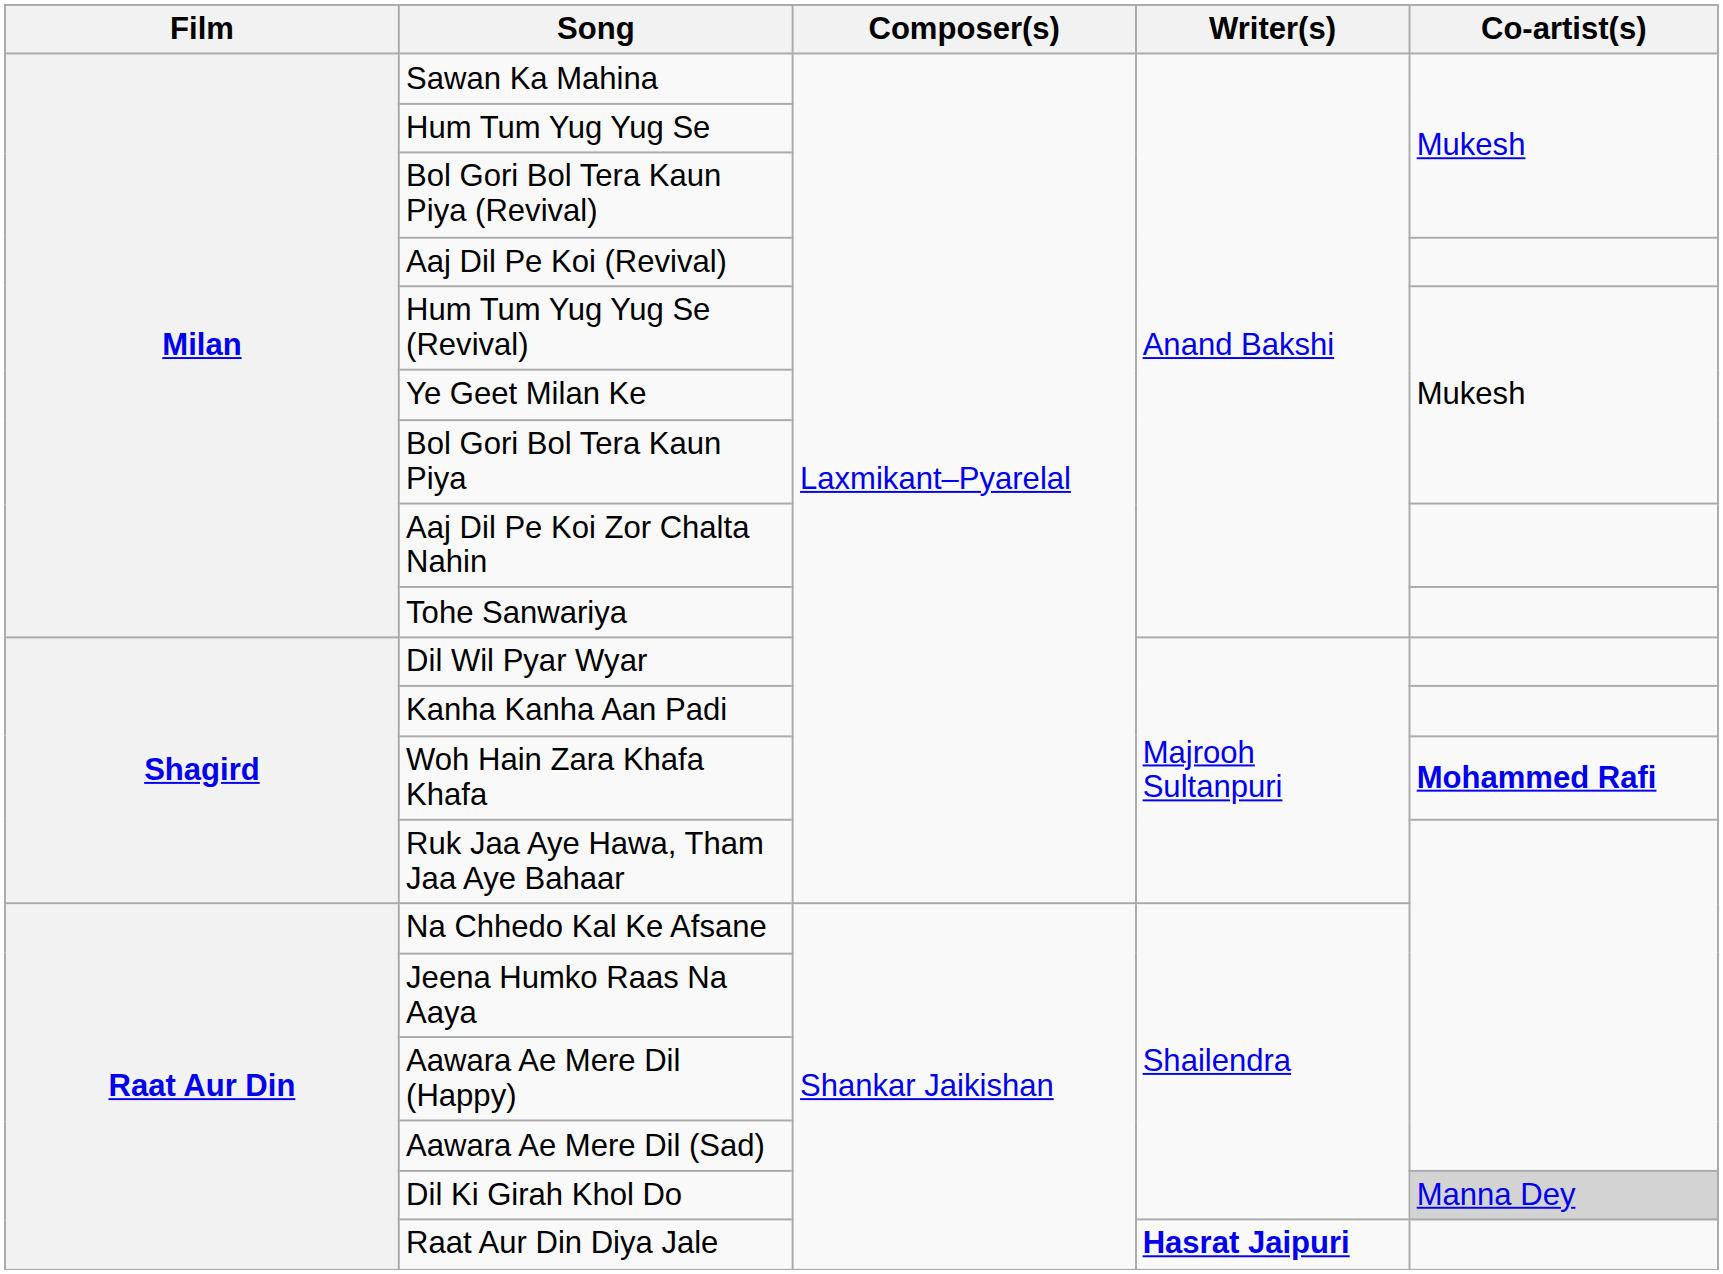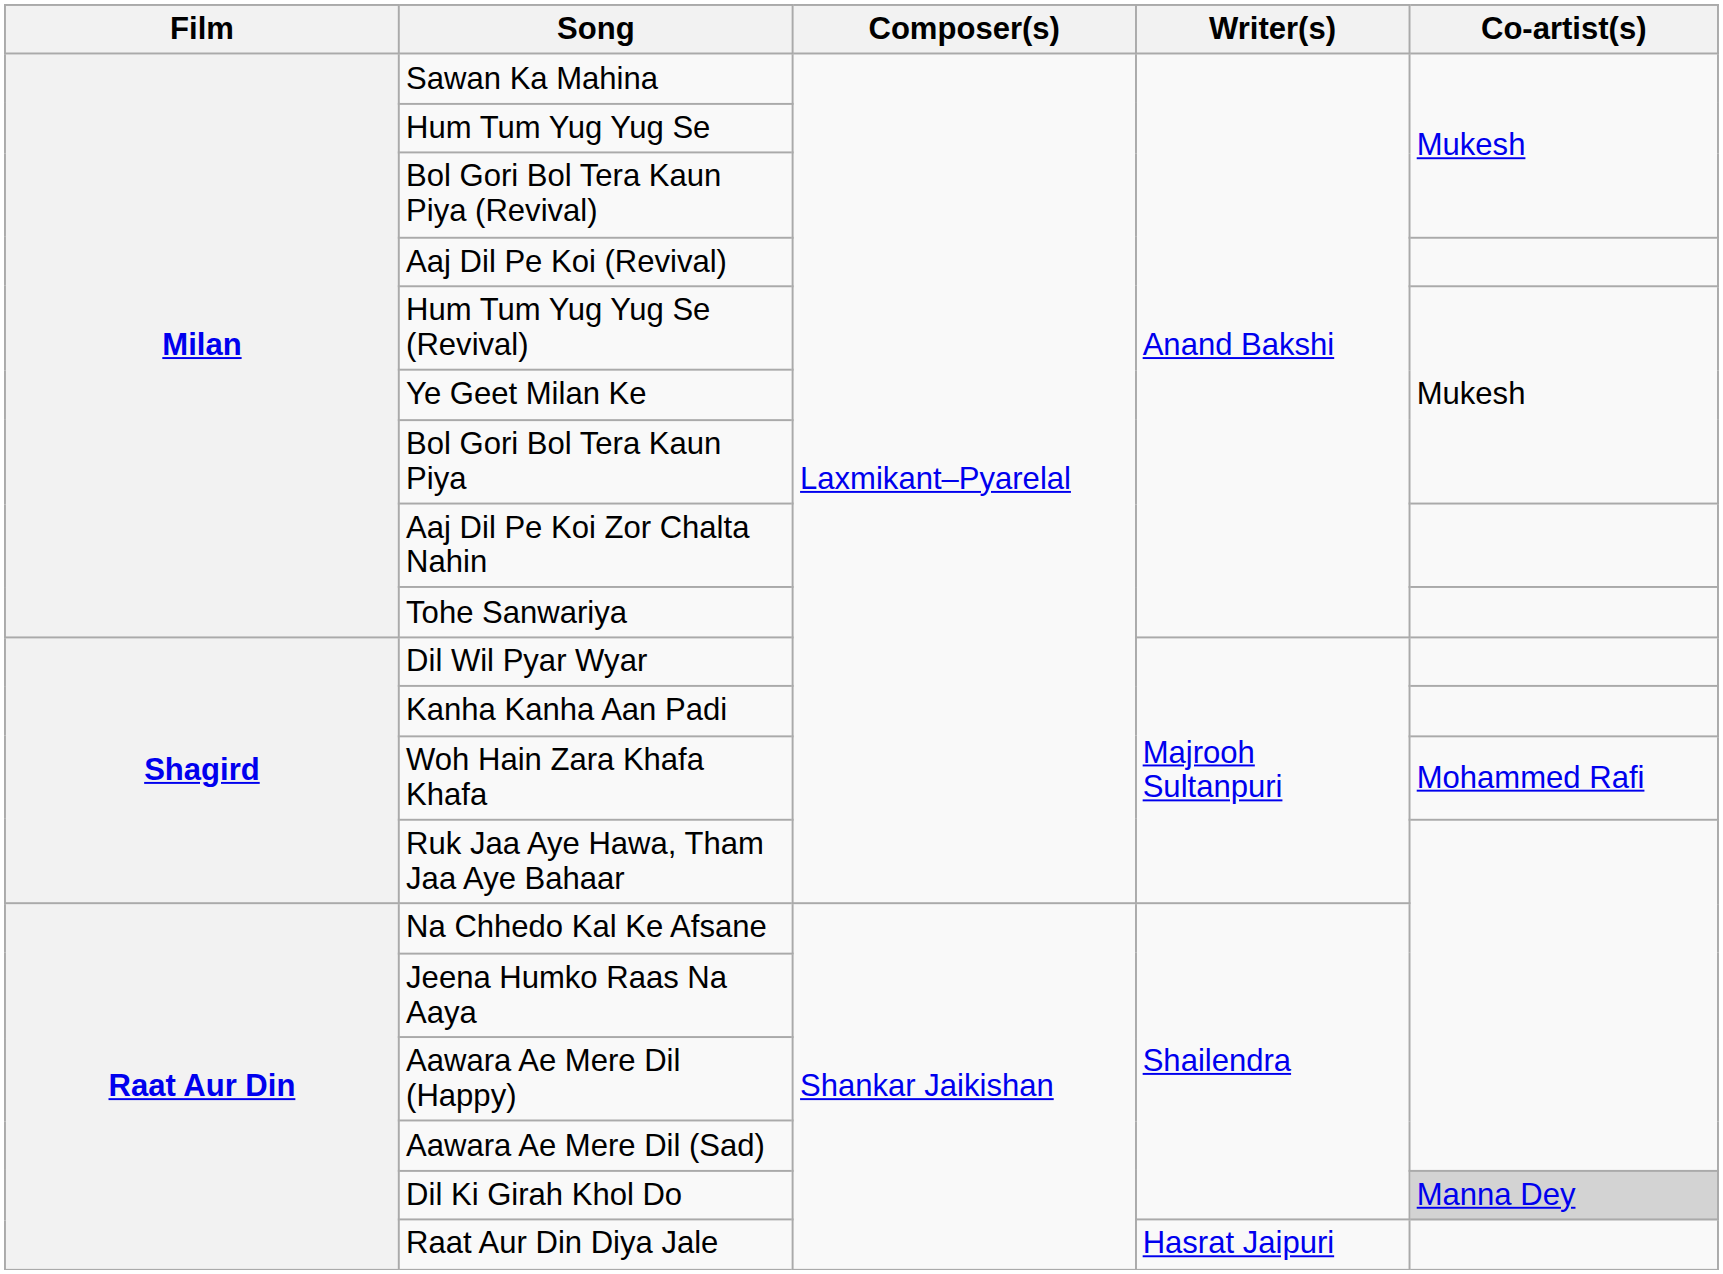 <table class="wikitable plainrowheaders" style="width:100%; textcolor:#000">
 <tr style="background:#b0e0e66;">
 <th scope="col" style="width:23%;"><strong>Film</strong></th>
 <th scope="col" style="width:23%;"><strong>Song</strong></th>
 <th scope="col" style="width:20%;"><strong>Composer(s)</strong></th>
 <th scope="col" style="width:16%;"><strong>Writer(s)</strong></th>
 <th scope="col" style="width:18%;"><strong>Co-artist(s)</strong></th>
 </tr>
 <tr>
 <th rowspan="9"><a href='#'>Milan</a></th>
 <td>Sawan Ka Mahina</td>
 <td rowspan="13"><a href='#'>Laxmikant–Pyarelal</a></td>
 <td rowspan="9"><a href='#'>Anand Bakshi</a></td>
 <td rowspan=3><a href='#'>Mukesh</a></td>
 </tr>
 <tr>
 <td>Hum Tum Yug Yug Se</td>
 </tr>
 <tr>
 <td>Bol Gori Bol Tera Kaun Piya (Revival)</td>
 </tr>
 <tr>
 <td>Aaj Dil Pe Koi (Revival)</td>
 <td></td>
 </tr>
 <tr>
 <td>Hum Tum Yug Yug Se (Revival)</td>
 <td rowspan=3>Mukesh</td>
 </tr>
 <tr>
 <td>Ye Geet Milan Ke</td>
 </tr>
 <tr>
 <td>Bol Gori Bol Tera Kaun Piya</td>
 </tr>
 <tr>
 <td>Aaj Dil Pe Koi Zor Chalta Nahin</td>
 <td></td>
 </tr>
 <tr>
 <td>Tohe Sanwariya</td>
 <td></td>
 </tr>
 <tr>
 <th rowspan="4"><a href='#'>Shagird</a></th>
 <td>Dil Wil Pyar Wyar</td>
 <td rowspan="4"><a href='#'>Majrooh Sultanpuri</a></td>
 <td></td>
 </tr>
 <tr>
 <td>Kanha Kanha Aan Padi</td>
 <td></td>
 </tr>
 <tr>
 <td>Woh Hain Zara Khafa Khafa</td>
-<td><strong><a href='#'>Mohammed Rafi</a></strong></td>
+<td><a href='#'>Mohammed Rafi</a></td>
 </tr>
 <tr>
 <td>Ruk Jaa Aye Hawa, Tham Jaa Aye Bahaar</td>
 <td rowspan=5></td>
 </tr>
 <tr>
 <th rowspan="6"><a href='#'>Raat Aur Din</a></th>
 <td>Na Chhedo Kal Ke Afsane</td>
 <td rowspan="6"><a href='#'>Shankar Jaikishan</a></td>
 <td rowspan="5"><a href='#'>Shailendra</a></td>
 </tr>
 <tr>
 <td>Jeena Humko Raas Na Aaya</td>
 </tr>
 <tr>
 <td>Aawara Ae Mere Dil (Happy)</td>
 </tr>
 <tr>
 <td>Aawara Ae Mere Dil (Sad)</td>
 </tr>
 <tr>
 <td>Dil Ki Girah Khol Do</td>
 <td style="background: lightgrey;"><a href='#'>Manna Dey</a></td>
 </tr>
 <tr>
 <td>Raat Aur Din Diya Jale</td>
-<td><strong><a href='#'>Hasrat Jaipuri</a></strong></td>
+<td><a href='#'>Hasrat Jaipuri</a></td>
 <td></td>
 </tr>
 </table>
